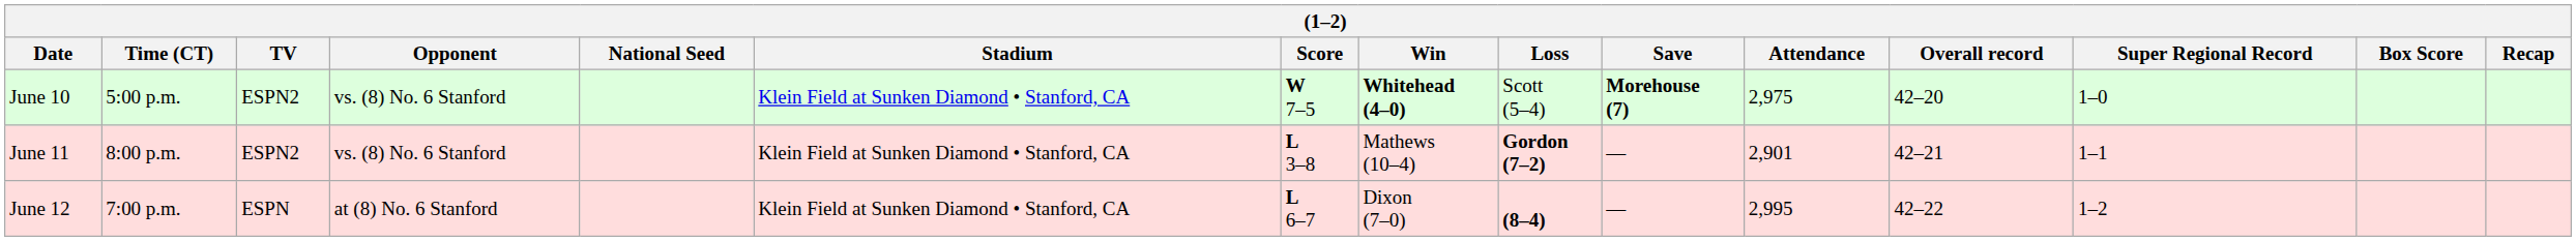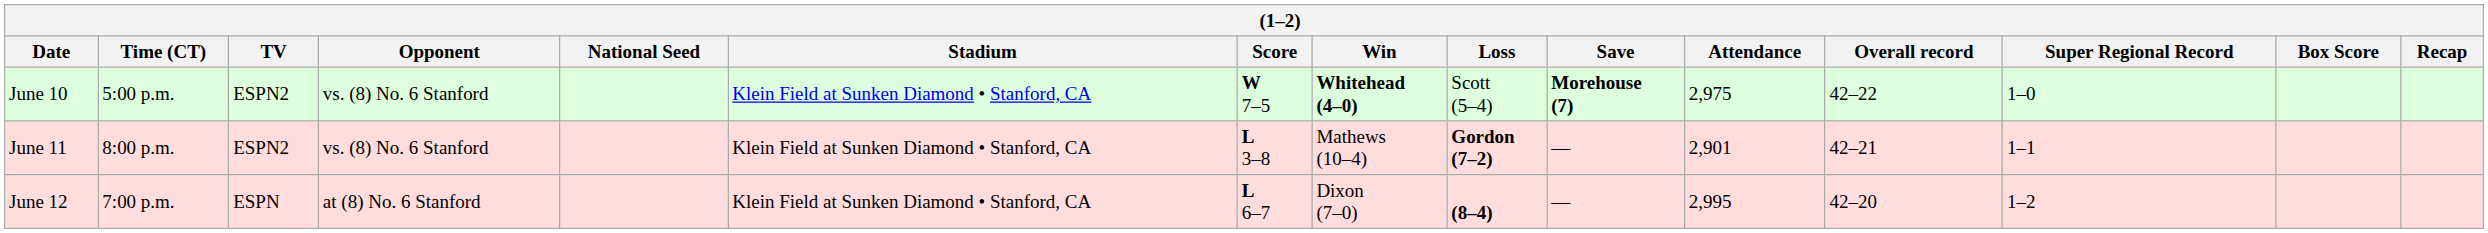 <table class="wikitable collapsible collapsed" style="margin:auto; font-size:95%; width:100%">
 <tr>
 <th colspan=15 style="padding-left:4em;"> (1–2)</th>
 </tr>
 <tr>
 <th>Date</th>
 <th>Time (CT)</th>
 <th>TV</th>
 <th>Opponent</th>
 <th>National Seed</th>
 <th>Stadium</th>
 <th>Score</th>
 <th>Win</th>
 <th>Loss</th>
 <th>Save</th>
 <th>Attendance</th>
 <th>Overall record</th>
 <th>Super Regional Record</th>
 <th>Box Score</th>
 <th>Recap</th>
 </tr>
 <tr bgcolor=ddffdd>
 <td>June 10</td>
 <td>5:00 p.m.</td>
 <td>ESPN2</td>
 <td>vs. (8) No. 6 Stanford</td>
 <td></td>
 <td><a href='#'>Klein Field at Sunken Diamond</a> • <a href='#'>Stanford, CA</a></td>
 <td><strong>W</strong><br>7–5</td>
 <td><strong>Whitehead<br>(4–0)</strong></td>
 <td>Scott<br>(5–4)</td>
 <td><strong>Morehouse<br>(7)</strong></td>
 <td>2,975</td>
-<td>42–20</td>
+<td>42–22</td>
 <td>1–0</td>
 <td></td>
 <td></td>
 </tr>
 <tr bgcolor=ffdddd>
 <td>June 11</td>
 <td>8:00 p.m.</td>
 <td>ESPN2</td>
 <td>vs. (8) No. 6 Stanford</td>
 <td></td>
 <td>Klein Field at Sunken Diamond • Stanford, CA</td>
 <td><strong>L</strong><br>3–8</td>
 <td>Mathews<br>(10–4)</td>
 <td><strong>Gordon<br>(7–2)</strong></td>
 <td>—</td>
 <td>2,901</td>
 <td>42–21</td>
 <td>1–1</td>
 <td></td>
 <td></td>
 </tr>
 <tr bgcolor=ffdddd>
 <td>June 12</td>
 <td>7:00 p.m.</td>
 <td>ESPN</td>
 <td>at (8) No. 6 Stanford</td>
 <td></td>
 <td>Klein Field at Sunken Diamond • Stanford, CA</td>
 <td><strong>L</strong><br>6–7</td>
 <td>Dixon<br>(7–0)</td>
 <td><strong> <br>(8–4)</strong></td>
 <td>—</td>
 <td>2,995</td>
-<td>42–22</td>
+<td>42–20</td>
 <td>1–2</td>
 <td></td>
 <td></td>
 </tr>
 </table>
